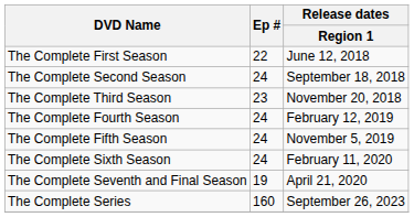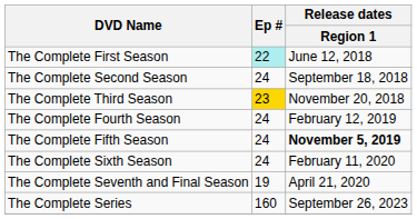 <table class="wikitable">
 <tr>
 <th rowspan="2">DVD Name</th>
 <th rowspan="2">Ep #</th>
 <th colspan="1">Release dates</th>
 </tr>
 <tr>
 <th>Region 1</th>
 </tr>
 <tr>
 <td>The Complete First Season</td>
-<td>22</td>
+<td style="background: paleturquoise;">22</td>
 <td>June 12, 2018</td>
 </tr>
 <tr>
 <td>The Complete Second Season</td>
 <td>24</td>
 <td>September 18, 2018</td>
 </tr>
 <tr>
 <td>The Complete Third Season</td>
-<td>23</td>
+<td style="background: gold;">23</td>
 <td>November 20, 2018</td>
 </tr>
 <tr>
 <td>The Complete Fourth Season</td>
 <td>24</td>
 <td>February 12, 2019</td>
 </tr>
 <tr>
 <td>The Complete Fifth Season</td>
 <td>24</td>
-<td>November 5, 2019</td>
+<td><strong>November 5, 2019</strong></td>
 </tr>
 <tr>
 <td>The Complete Sixth Season</td>
 <td>24</td>
 <td>February 11, 2020</td>
 </tr>
 <tr>
 <td>The Complete Seventh and Final Season</td>
 <td>19</td>
 <td>April 21, 2020</td>
 </tr>
 <tr>
 <td>The Complete Series</td>
 <td>160</td>
 <td>September 26, 2023</td>
 </tr>
 <tr>
 </tr>
 </table>
